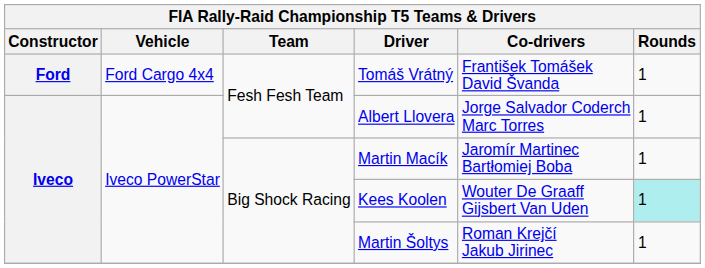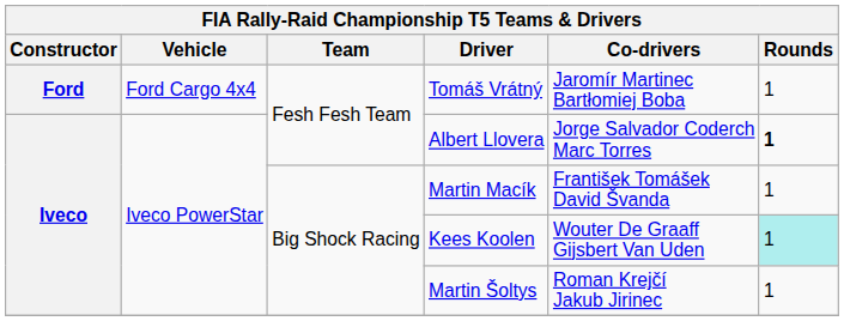 <table class="wikitable" style="font-size: 85%;">
 <tr>
 <th colspan=6><strong>FIA Rally-Raid Championship T5 Teams & Drivers</strong></th>
 </tr>
 <tr>
 <th>Constructor</th>
 <th>Vehicle</th>
 <th>Team</th>
 <th>Driver</th>
 <th>Co-drivers</th>
 <th>Rounds</th>
 </tr>
 <tr>
 <th><a href='#'>Ford</a></th>
 <td><a href='#'>Ford Cargo 4x4</a></td>
 <td rowspan=2>Fesh Fesh Team</td>
 <td> <a href='#'>Tomáš Vrátný</a></td>
-<td> <a href='#'>František Tomášek</a><br> <a href='#'>David Švanda</a></td>
+<td> <a href='#'>Jaromír Martinec</a><br> <a href='#'>Bartłomiej Boba</a></td>
 <td>1</td>
 </tr>
 <tr>
 <th rowspan=4><a href='#'>Iveco</a></th>
 <td rowspan=4><a href='#'>Iveco PowerStar</a></td>
 <td> <a href='#'>Albert Llovera</a></td>
 <td> <a href='#'>Jorge Salvador Coderch</a><br> <a href='#'>Marc Torres</a></td>
-<td>1</td>
+<td><strong>1</strong></td>
 </tr>
 <tr>
 <td rowspan=3>Big Shock Racing</td>
 <td> <a href='#'>Martin Macík</a></td>
-<td> <a href='#'>Jaromír Martinec</a><br> <a href='#'>Bartłomiej Boba</a></td>
+<td> <a href='#'>František Tomášek</a><br> <a href='#'>David Švanda</a></td>
 <td>1</td>
 </tr>
 <tr>
 <td> <a href='#'>Kees Koolen</a></td>
 <td> <a href='#'>Wouter De Graaff</a><br> <a href='#'>Gijsbert Van Uden</a></td>
 <td style="background: paleturquoise;">1</td>
 </tr>
 <tr>
 <td> <a href='#'>Martin Šoltys</a></td>
 <td> <a href='#'>Roman Krejčí</a><br> <a href='#'>Jakub Jirinec</a></td>
 <td>1</td>
 </tr>
 <tr>
 </tr>
 </table>
